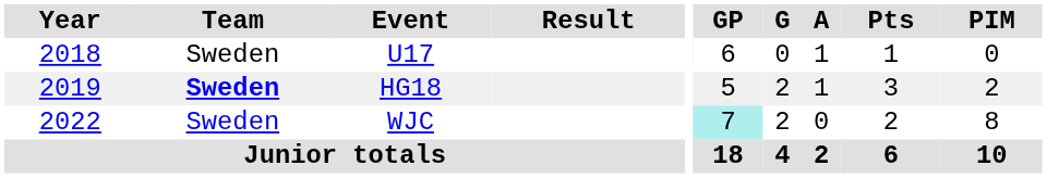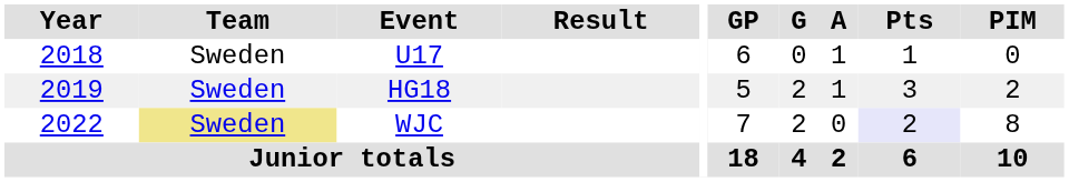 <table border="0" cellpadding="1" cellspacing="0" ID="Table3" style="text-align:center; width:40em;">
 <tr bgcolor="#e0e0e0">
 <th>Year</th>
 <th>Team</th>
 <th>Event</th>
 <th>Result</th>
 <th rowspan="99" bgcolor="#ffffff"></th>
 <th>GP</th>
 <th>G</th>
 <th>A</th>
 <th>Pts</th>
 <th>PIM</th>
 </tr>
 <tr>
 <td><a href='#'>2018</a></td>
 <td>Sweden</td>
 <td><a href='#'>U17</a></td>
 <td></td>
 <td>6</td>
 <td>0</td>
 <td>1</td>
 <td>1</td>
 <td>0</td>
 </tr>
 <tr bgcolor="#f0f0f0">
 <td><a href='#'>2019</a></td>
-<td><strong><a href='#'>Sweden</a></strong></td>
+<td><a href='#'>Sweden</a></td>
 <td><a href='#'>HG18</a></td>
 <td></td>
 <td>5</td>
 <td>2</td>
 <td>1</td>
 <td>3</td>
 <td>2</td>
 </tr>
 <tr>
 <td><a href='#'>2022</a></td>
-<td><a href='#'>Sweden</a></td>
+<td style="background: khaki;"><a href='#'>Sweden</a></td>
 <td><a href='#'>WJC</a></td>
 <td></td>
-<td style="background: paleturquoise;">7</td>
+<td>7</td>
 <td>2</td>
 <td>0</td>
-<td>2</td>
+<td style="background: lavender;">2</td>
 <td>8</td>
 </tr>
 <tr bgcolor="#e0e0e0">
 <th colspan="4">Junior totals</th>
 <th>18</th>
 <th>4</th>
 <th>2</th>
 <th>6</th>
 <th>10</th>
 </tr>
 </table>
